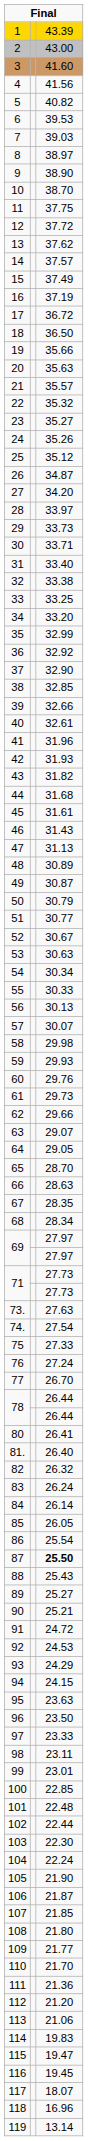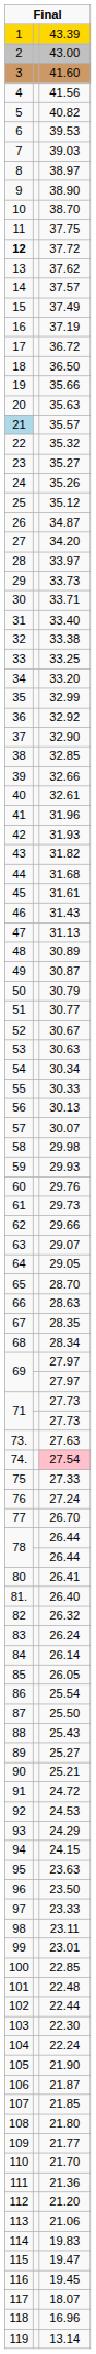 <table class=wikitable style="text-align:center">
 <tr>
 <td colspan=3><strong>Final</strong></td>
 </tr>
 <tr bgcolor=gold>
 <td width=30>1</td>
 <td align=left></td>
 <td width=60>43.39</td>
 </tr>
 <tr bgcolor=silver>
 <td>2</td>
 <td align=left></td>
 <td>43.00</td>
 </tr>
 <tr bgcolor=cc9966>
 <td>3</td>
 <td align=left></td>
 <td>41.60</td>
 </tr>
 <tr>
 <td>4</td>
 <td align=left></td>
 <td>41.56</td>
 </tr>
 <tr>
 <td>5</td>
 <td align=left></td>
 <td>40.82</td>
 </tr>
 <tr>
 <td>6</td>
 <td align=left></td>
 <td>39.53</td>
 </tr>
 <tr>
 <td>7</td>
 <td align=left></td>
 <td>39.03</td>
 </tr>
 <tr>
 <td>8</td>
 <td align=left></td>
 <td>38.97</td>
 </tr>
 <tr>
 <td>9</td>
 <td align=left></td>
 <td>38.90</td>
 </tr>
 <tr>
 <td>10</td>
 <td align=left></td>
 <td>38.70</td>
 </tr>
 <tr>
 <td>11</td>
 <td align=left></td>
 <td>37.75</td>
 </tr>
 <tr>
-<td>12</td>
+<td><strong>12</strong></td>
 <td align=left></td>
 <td>37.72</td>
 </tr>
 <tr>
 <td>13</td>
 <td align=left></td>
 <td>37.62</td>
 </tr>
 <tr>
 <td>14</td>
 <td align=left></td>
 <td>37.57</td>
 </tr>
 <tr>
 <td>15</td>
 <td align=left></td>
 <td>37.49</td>
 </tr>
 <tr>
 <td>16</td>
 <td align=left></td>
 <td>37.19</td>
 </tr>
 <tr>
 <td>17</td>
 <td align=left></td>
 <td>36.72</td>
 </tr>
 <tr>
 <td>18</td>
 <td align=left></td>
 <td>36.50</td>
 </tr>
 <tr>
 <td>19</td>
 <td align=left></td>
 <td>35.66</td>
 </tr>
 <tr>
 <td>20</td>
 <td align=left></td>
 <td>35.63</td>
 </tr>
 <tr>
-<td>21</td>
+<td style="background: lightblue;">21</td>
 <td align=left></td>
 <td>35.57</td>
 </tr>
 <tr>
 <td>22</td>
 <td align=left></td>
 <td>35.32</td>
 </tr>
 <tr>
 <td>23</td>
 <td align=left></td>
 <td>35.27</td>
 </tr>
 <tr>
 <td>24</td>
 <td align=left></td>
 <td>35.26</td>
 </tr>
 <tr>
 <td>25</td>
 <td align=left></td>
 <td>35.12</td>
 </tr>
 <tr>
 <td>26</td>
 <td align=left></td>
 <td>34.87</td>
 </tr>
 <tr>
 <td>27</td>
 <td align=left></td>
 <td>34.20</td>
 </tr>
 <tr>
 <td>28</td>
 <td align=left></td>
 <td>33.97</td>
 </tr>
 <tr>
 <td>29</td>
 <td align=left></td>
 <td>33.73</td>
 </tr>
 <tr>
 <td>30</td>
 <td align=left></td>
 <td>33.71</td>
 </tr>
 <tr>
 <td>31</td>
 <td align=left></td>
 <td>33.40</td>
 </tr>
 <tr>
 <td>32</td>
 <td align=left></td>
 <td>33.38</td>
 </tr>
 <tr>
 <td>33</td>
 <td align=left></td>
 <td>33.25</td>
 </tr>
 <tr>
 <td>34</td>
 <td align=left></td>
 <td>33.20</td>
 </tr>
 <tr>
 <td>35</td>
 <td align=left></td>
 <td>32.99</td>
 </tr>
 <tr>
 <td>36</td>
 <td align=left></td>
 <td>32.92</td>
 </tr>
 <tr>
 <td>37</td>
 <td align=left></td>
 <td>32.90</td>
 </tr>
 <tr>
 <td>38</td>
 <td align=left></td>
 <td>32.85</td>
 </tr>
 <tr>
 <td>39</td>
 <td align=left></td>
 <td>32.66</td>
 </tr>
 <tr>
 <td>40</td>
 <td align=left></td>
 <td>32.61</td>
 </tr>
 <tr>
 <td>41</td>
 <td align=left></td>
 <td>31.96</td>
 </tr>
 <tr>
 <td>42</td>
 <td align=left></td>
 <td>31.93</td>
 </tr>
 <tr>
 <td>43</td>
 <td align=left></td>
 <td>31.82</td>
 </tr>
 <tr>
 <td>44</td>
 <td align=left></td>
 <td>31.68</td>
 </tr>
 <tr>
 <td>45</td>
 <td align=left></td>
 <td>31.61</td>
 </tr>
 <tr>
 <td>46</td>
 <td align=left></td>
 <td>31.43</td>
 </tr>
 <tr>
 <td>47</td>
 <td align=left></td>
 <td>31.13</td>
 </tr>
 <tr>
 <td>48</td>
 <td align=left></td>
 <td>30.89</td>
 </tr>
 <tr>
 <td>49</td>
 <td align=left></td>
 <td>30.87</td>
 </tr>
 <tr>
 <td>50</td>
 <td align=left></td>
 <td>30.79</td>
 </tr>
 <tr>
 <td>51</td>
 <td align=left></td>
 <td>30.77</td>
 </tr>
 <tr>
 <td>52</td>
 <td align=left></td>
 <td>30.67</td>
 </tr>
 <tr>
 <td>53</td>
 <td align=left></td>
 <td>30.63</td>
 </tr>
 <tr>
 <td>54</td>
 <td align=left></td>
 <td>30.34</td>
 </tr>
 <tr>
 <td>55</td>
 <td align=left></td>
 <td>30.33</td>
 </tr>
 <tr>
 <td>56</td>
 <td align=left></td>
 <td>30.13</td>
 </tr>
 <tr>
 <td>57</td>
 <td align=left></td>
 <td>30.07</td>
 </tr>
 <tr>
 <td>58</td>
 <td align=left></td>
 <td>29.98</td>
 </tr>
 <tr>
 <td>59</td>
 <td align=left></td>
 <td>29.93</td>
 </tr>
 <tr>
 <td>60</td>
 <td align=left></td>
 <td>29.76</td>
 </tr>
 <tr>
 <td>61</td>
 <td align=left></td>
 <td>29.73</td>
 </tr>
 <tr>
 <td>62</td>
 <td align=left></td>
 <td>29.66</td>
 </tr>
 <tr>
 <td>63</td>
 <td align=left></td>
 <td>29.07</td>
 </tr>
 <tr>
 <td>64</td>
 <td align=left></td>
 <td>29.05</td>
 </tr>
 <tr>
 <td>65</td>
 <td align=left></td>
 <td>28.70</td>
 </tr>
 <tr>
 <td>66</td>
 <td align=left></td>
 <td>28.63</td>
 </tr>
 <tr>
 <td>67</td>
 <td align=left></td>
 <td>28.35</td>
 </tr>
 <tr>
 <td>68</td>
 <td align=left></td>
 <td>28.34</td>
 </tr>
 <tr>
 <td rowspan=2>69</td>
 <td align=left></td>
 <td>27.97</td>
 </tr>
 <tr>
 <td align=left></td>
 <td>27.97</td>
 </tr>
 <tr>
 <td rowspan=2>71</td>
 <td align=left></td>
 <td>27.73</td>
 </tr>
 <tr>
 <td align=left></td>
 <td>27.73</td>
 </tr>
 <tr>
 <td>73.</td>
 <td align=left></td>
 <td>27.63</td>
 </tr>
 <tr>
 <td>74.</td>
 <td align=left></td>
-<td>27.54</td>
+<td style="background: pink;">27.54</td>
 </tr>
 <tr>
 <td>75</td>
 <td align=left></td>
 <td>27.33</td>
 </tr>
 <tr>
 <td>76</td>
 <td align=left></td>
 <td>27.24</td>
 </tr>
 <tr>
 <td>77</td>
 <td align=left></td>
 <td>26.70</td>
 </tr>
 <tr>
 <td rowspan=2>78</td>
 <td align=left></td>
 <td>26.44</td>
 </tr>
 <tr>
 <td align=left></td>
 <td>26.44</td>
 </tr>
 <tr>
 <td>80</td>
 <td align=left></td>
 <td>26.41</td>
 </tr>
 <tr>
 <td>81.</td>
 <td align=left></td>
 <td>26.40</td>
 </tr>
 <tr>
 <td>82</td>
 <td align=left></td>
 <td>26.32</td>
 </tr>
 <tr>
 <td>83</td>
 <td align=left></td>
 <td>26.24</td>
 </tr>
 <tr>
 <td>84</td>
 <td align=left></td>
 <td>26.14</td>
 </tr>
 <tr>
 <td>85</td>
 <td align=left></td>
 <td>26.05</td>
 </tr>
 <tr>
 <td>86</td>
 <td align=left></td>
 <td>25.54</td>
 </tr>
 <tr>
 <td>87</td>
 <td align=left></td>
-<td><strong>25.50</strong></td>
+<td>25.50</td>
 </tr>
 <tr>
 <td>88</td>
 <td align=left></td>
 <td>25.43</td>
 </tr>
 <tr>
 <td>89</td>
 <td align=left></td>
 <td>25.27</td>
 </tr>
 <tr>
 <td>90</td>
 <td align=left></td>
 <td>25.21</td>
 </tr>
 <tr>
 <td>91</td>
 <td align=left></td>
 <td>24.72</td>
 </tr>
 <tr>
 <td>92</td>
 <td align=left></td>
 <td>24.53</td>
 </tr>
 <tr>
 <td>93</td>
 <td align=left></td>
 <td>24.29</td>
 </tr>
 <tr>
 <td>94</td>
 <td align=left></td>
 <td>24.15</td>
 </tr>
 <tr>
 <td>95</td>
 <td align=left></td>
 <td>23.63</td>
 </tr>
 <tr>
 <td>96</td>
 <td align=left></td>
 <td>23.50</td>
 </tr>
 <tr>
 <td>97</td>
 <td align=left></td>
 <td>23.33</td>
 </tr>
 <tr>
 <td>98</td>
 <td align=left></td>
 <td>23.11</td>
 </tr>
 <tr>
 <td>99</td>
 <td align=left></td>
 <td>23.01</td>
 </tr>
 <tr>
 <td>100</td>
 <td align=left></td>
 <td>22.85</td>
 </tr>
 <tr>
 <td>101</td>
 <td align=left></td>
 <td>22.48</td>
 </tr>
 <tr>
 <td>102</td>
 <td align=left></td>
 <td>22.44</td>
 </tr>
 <tr>
 <td>103</td>
 <td align=left></td>
 <td>22.30</td>
 </tr>
 <tr>
 <td>104</td>
 <td align=left></td>
 <td>22.24</td>
 </tr>
 <tr>
 <td>105</td>
 <td align=left></td>
 <td>21.90</td>
 </tr>
 <tr>
 <td>106</td>
 <td align=left></td>
 <td>21.87</td>
 </tr>
 <tr>
 <td>107</td>
 <td align=left></td>
 <td>21.85</td>
 </tr>
 <tr>
 <td>108</td>
 <td align=left></td>
 <td>21.80</td>
 </tr>
 <tr>
 <td>109</td>
 <td align=left></td>
 <td>21.77</td>
 </tr>
 <tr>
 <td>110</td>
 <td align=left></td>
 <td>21.70</td>
 </tr>
 <tr>
 <td>111</td>
 <td align=left></td>
 <td>21.36</td>
 </tr>
 <tr>
 <td>112</td>
 <td align=left></td>
 <td>21.20</td>
 </tr>
 <tr>
 <td>113</td>
 <td align=left></td>
 <td>21.06</td>
 </tr>
 <tr>
 <td>114</td>
 <td align=left></td>
 <td>19.83</td>
 </tr>
 <tr>
 <td>115</td>
 <td align=left></td>
 <td>19.47</td>
 </tr>
 <tr>
 <td>116</td>
 <td align=left></td>
 <td>19.45</td>
 </tr>
 <tr>
 <td>117</td>
 <td align=left></td>
 <td>18.07</td>
 </tr>
 <tr>
 <td>118</td>
 <td align=left></td>
 <td>16.96</td>
 </tr>
 <tr>
 <td>119</td>
 <td align=left></td>
 <td>13.14</td>
 </tr>
 </table>
